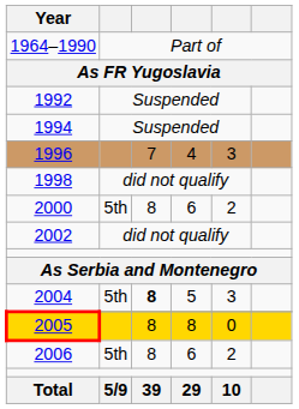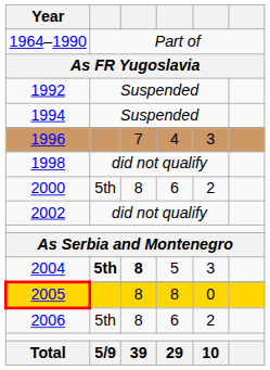 <table class="wikitable" style="text-align: center;">
 <tr>
 <th>Year</th>
 <th></th>
 <th width=30></th>
 <th width=30></th>
 <th width=30></th>
 <th width=30></th>
 </tr>
 <tr>
 <td><a href='#'>1964</a>–<a href='#'>1990</a></td>
 <td colspan=5><em>Part of </em></td>
 </tr>
 <tr>
 <th colspan=6><em>As  FR Yugoslavia</em></th>
 </tr>
 <tr>
 <td> <a href='#'>1992</a></td>
 <td colspan=4><em>Suspended</em></td>
 <td></td>
 </tr>
 <tr>
 <td> <a href='#'>1994</a></td>
 <td colspan=4><em>Suspended</em></td>
 <td></td>
 </tr>
 <tr bgcolor=cc9966>
 <td> <a href='#'>1996</a></td>
 <td></td>
 <td>7</td>
 <td>4</td>
 <td>3</td>
 <td></td>
 </tr>
 <tr>
 <td> <a href='#'>1998</a></td>
 <td colspan=4><em>did not qualify</em></td>
 <td></td>
 </tr>
 <tr>
 <td> <a href='#'>2000</a></td>
 <td>5th</td>
 <td>8</td>
 <td>6</td>
 <td>2</td>
 <td></td>
 </tr>
 <tr>
 <td> <a href='#'>2002</a></td>
 <td colspan=4><em>did not qualify</em></td>
 <td></td>
 </tr>
 <tr>
 <td colspan=6></td>
 </tr>
 <tr>
 <th colspan=6><em>As  Serbia and Montenegro</em></th>
 </tr>
 <tr>
 <td> <a href='#'>2004</a></td>
-<td>5th</td>
+<td><strong>5th</strong></td>
 <td><strong>8</strong></td>
 <td>5</td>
 <td>3</td>
 <td></td>
 </tr>
 <tr>
 </tr>
 <tr bgcolor=gold>
 <td style="border: 3px solid red"> <a href='#'>2005</a></td>
 <td></td>
 <td>8</td>
 <td>8</td>
 <td>0</td>
 <td></td>
 </tr>
 <tr>
 <td> <a href='#'>2006</a></td>
 <td>5th</td>
 <td>8</td>
 <td>6</td>
 <td>2</td>
 <td></td>
 </tr>
 <tr>
 <td colspan=6></td>
 </tr>
 <tr>
 <th>Total</th>
 <th>5/9</th>
 <th>39</th>
 <th>29</th>
 <th>10</th>
 <th></th>
 </tr>
 </table>
